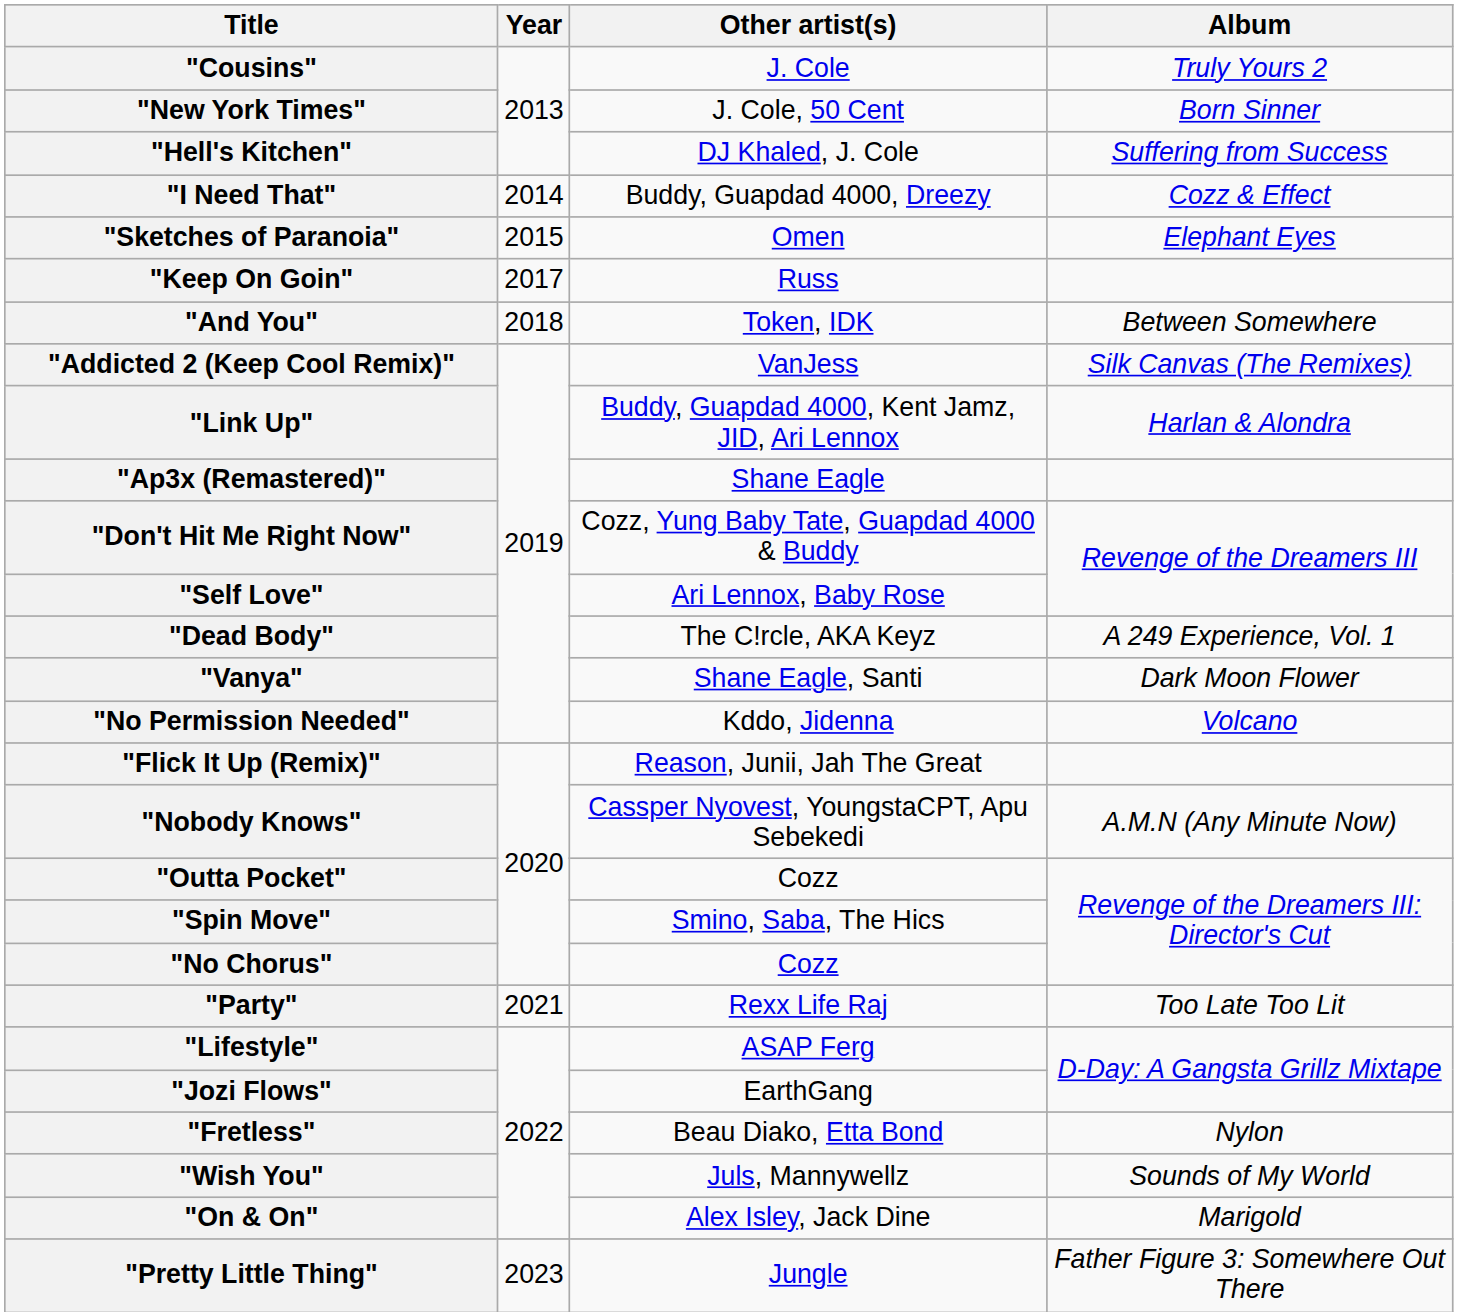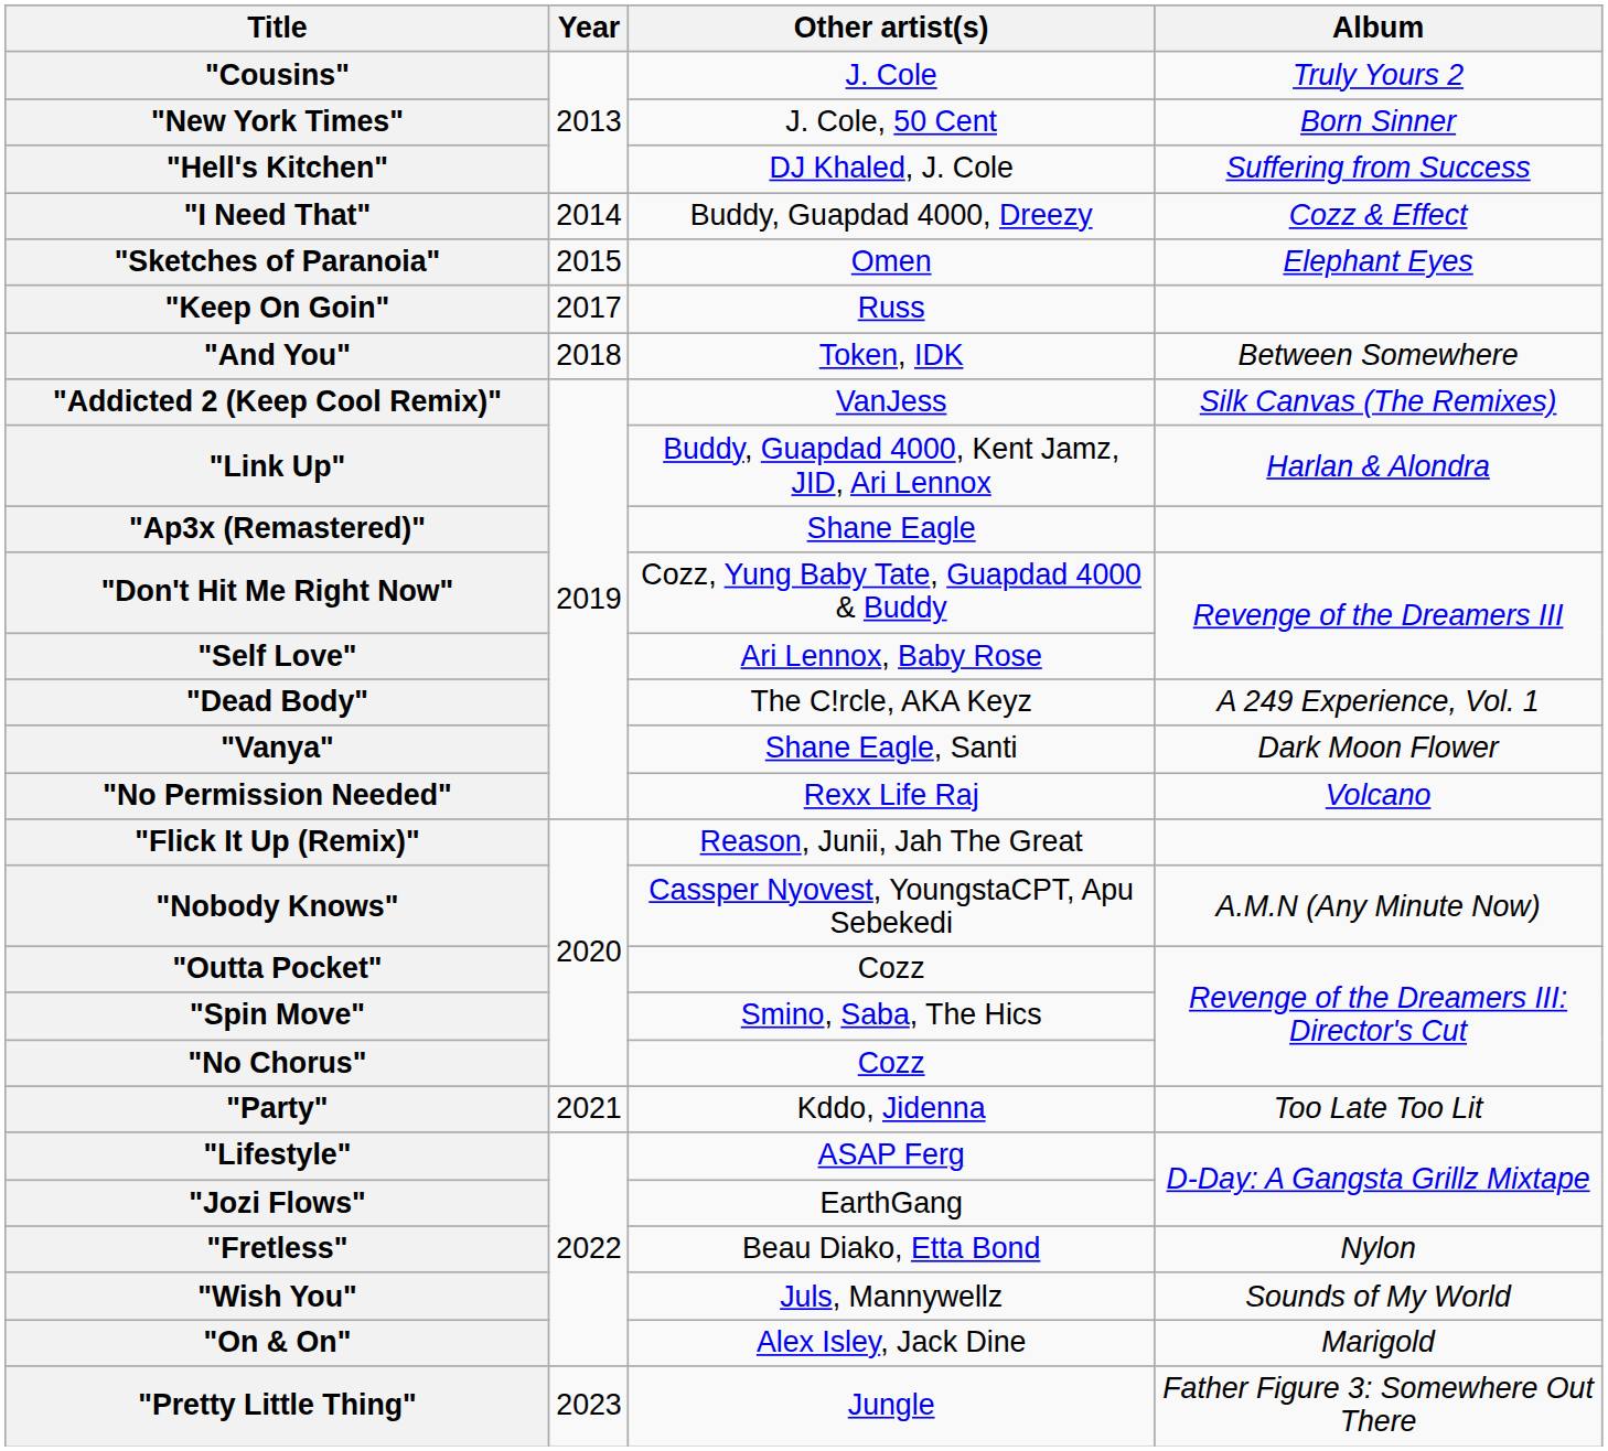 <table class="wikitable plainrowheaders" style="text-align:center;">
 <tr>
 <th scope="col" style="width:18em;">Title</th>
 <th scope="col">Year</th>
 <th scope="col">Other artist(s)</th>
 <th scope="col">Album</th>
 </tr>
 <tr>
 <th scope="row">"Cousins"</th>
 <td rowspan="3">2013</td>
 <td><a href='#'>J. Cole</a></td>
 <td><em><a href='#'>Truly Yours 2</a></em></td>
 </tr>
 <tr>
 <th scope="row">"New York Times"</th>
 <td>J. Cole, <a href='#'>50 Cent</a></td>
 <td><em><a href='#'>Born Sinner</a></em></td>
 </tr>
 <tr>
 <th scope="row">"Hell's Kitchen"</th>
 <td><a href='#'>DJ Khaled</a>, J. Cole</td>
 <td><em><a href='#'>Suffering from Success</a></em></td>
 </tr>
 <tr>
 <th scope="row">"I Need That"</th>
 <td>2014</td>
 <td>Buddy, Guapdad 4000, <a href='#'>Dreezy</a></td>
 <td><em><a href='#'>Cozz & Effect</a></em></td>
 </tr>
 <tr>
 <th scope="row">"Sketches of Paranoia"</th>
 <td>2015</td>
 <td><a href='#'>Omen</a></td>
 <td><em><a href='#'>Elephant Eyes</a></em></td>
 </tr>
 <tr>
 <th scope="row">"Keep On Goin"</th>
 <td>2017</td>
 <td><a href='#'>Russ</a></td>
 <td></td>
 </tr>
 <tr>
 <th scope="row">"And You"</th>
 <td>2018</td>
 <td><a href='#'>Token</a>, <a href='#'>IDK</a></td>
 <td><em>Between Somewhere</em></td>
 </tr>
 <tr>
 <th scope="row">"Addicted 2 (Keep Cool Remix)"</th>
 <td rowspan="8">2019</td>
 <td><a href='#'>VanJess</a></td>
 <td><em><a href='#'>Silk Canvas (The Remixes)</a></em></td>
 </tr>
 <tr>
 <th scope="row">"Link Up"</th>
 <td><a href='#'>Buddy</a>, <a href='#'>Guapdad 4000</a>, Kent Jamz, <a href='#'>JID</a>, <a href='#'>Ari Lennox</a></td>
 <td><em><a href='#'>Harlan & Alondra</a></em></td>
 </tr>
 <tr>
 <th scope="row">"Ap3x (Remastered)"</th>
 <td><a href='#'>Shane Eagle</a></td>
 <td></td>
 </tr>
 <tr>
 <th scope="row">"Don't Hit Me Right Now"</th>
 <td>Cozz, <a href='#'>Yung Baby Tate</a>, <a href='#'>Guapdad 4000</a> & <a href='#'>Buddy</a></td>
 <td rowspan="2"><em><a href='#'>Revenge of the Dreamers III</a></em></td>
 </tr>
 <tr>
 <th scope="row">"Self Love"</th>
 <td><a href='#'>Ari Lennox</a>, <a href='#'>Baby Rose</a></td>
 </tr>
 <tr>
 <th scope="row">"Dead Body"</th>
 <td>The C!rcle, AKA Keyz</td>
 <td><em>A 249 Experience, Vol. 1</em></td>
 </tr>
 <tr>
 <th scope="row">"Vanya"</th>
 <td><a href='#'>Shane Eagle</a>, Santi</td>
 <td><em>Dark Moon Flower</em></td>
 </tr>
 <tr>
 <th scope="row">"No Permission Needed"</th>
-<td>Kddo, <a href='#'>Jidenna</a></td>
+<td><a href='#'>Rexx Life Raj</a></td>
 <td><em><a href='#'>Volcano</a></em></td>
 </tr>
 <tr>
 <th scope="row">"Flick It Up (Remix)"</th>
 <td rowspan="5">2020</td>
 <td><a href='#'>Reason</a>, Junii, Jah The Great</td>
 <td></td>
 </tr>
 <tr>
 <th scope="row">"Nobody Knows"</th>
 <td><a href='#'>Cassper Nyovest</a>, YoungstaCPT, Apu Sebekedi</td>
 <td><em>A.M.N (Any Minute Now)</em></td>
 </tr>
 <tr>
 <th scope="row">"Outta Pocket"</th>
 <td>Cozz</td>
 <td rowspan="3"><em><a href='#'>Revenge of the Dreamers III: Director's Cut</a></em></td>
 </tr>
 <tr>
 <th scope="row">"Spin Move"</th>
 <td><a href='#'>Smino</a>, <a href='#'>Saba</a>, The Hics</td>
 </tr>
 <tr>
 <th scope="row">"No Chorus"</th>
 <td><a href='#'>Cozz</a></td>
 </tr>
 <tr>
 <th scope="row">"Party"</th>
 <td>2021</td>
-<td><a href='#'>Rexx Life Raj</a></td>
+<td>Kddo, <a href='#'>Jidenna</a></td>
 <td><em>Too Late Too Lit</em></td>
 </tr>
 <tr>
 <th scope="row">"Lifestyle"</th>
 <td rowspan="5">2022</td>
 <td><a href='#'>ASAP Ferg</a></td>
 <td rowspan="2"><em><a href='#'>D-Day: A Gangsta Grillz Mixtape</a></em></td>
 </tr>
 <tr>
 <th scope="row">"Jozi Flows"</th>
 <td>EarthGang</td>
 </tr>
 <tr>
 <th scope="row">"Fretless"</th>
 <td>Beau Diako, <a href='#'>Etta Bond</a></td>
 <td><em>Nylon</em></td>
 </tr>
 <tr>
 <th scope="row">"Wish You"</th>
 <td><a href='#'>Juls</a>, Mannywellz</td>
 <td><em>Sounds of My World</em></td>
 </tr>
 <tr>
 <th scope="row">"On & On"</th>
 <td><a href='#'>Alex Isley</a>, Jack Dine</td>
 <td><em>Marigold</em></td>
 </tr>
 <tr>
 <th scope="row">"Pretty Little Thing"</th>
 <td>2023</td>
 <td><a href='#'>Jungle</a></td>
 <td><em>Father Figure 3: Somewhere Out There</em></td>
 </tr>
 </table>
